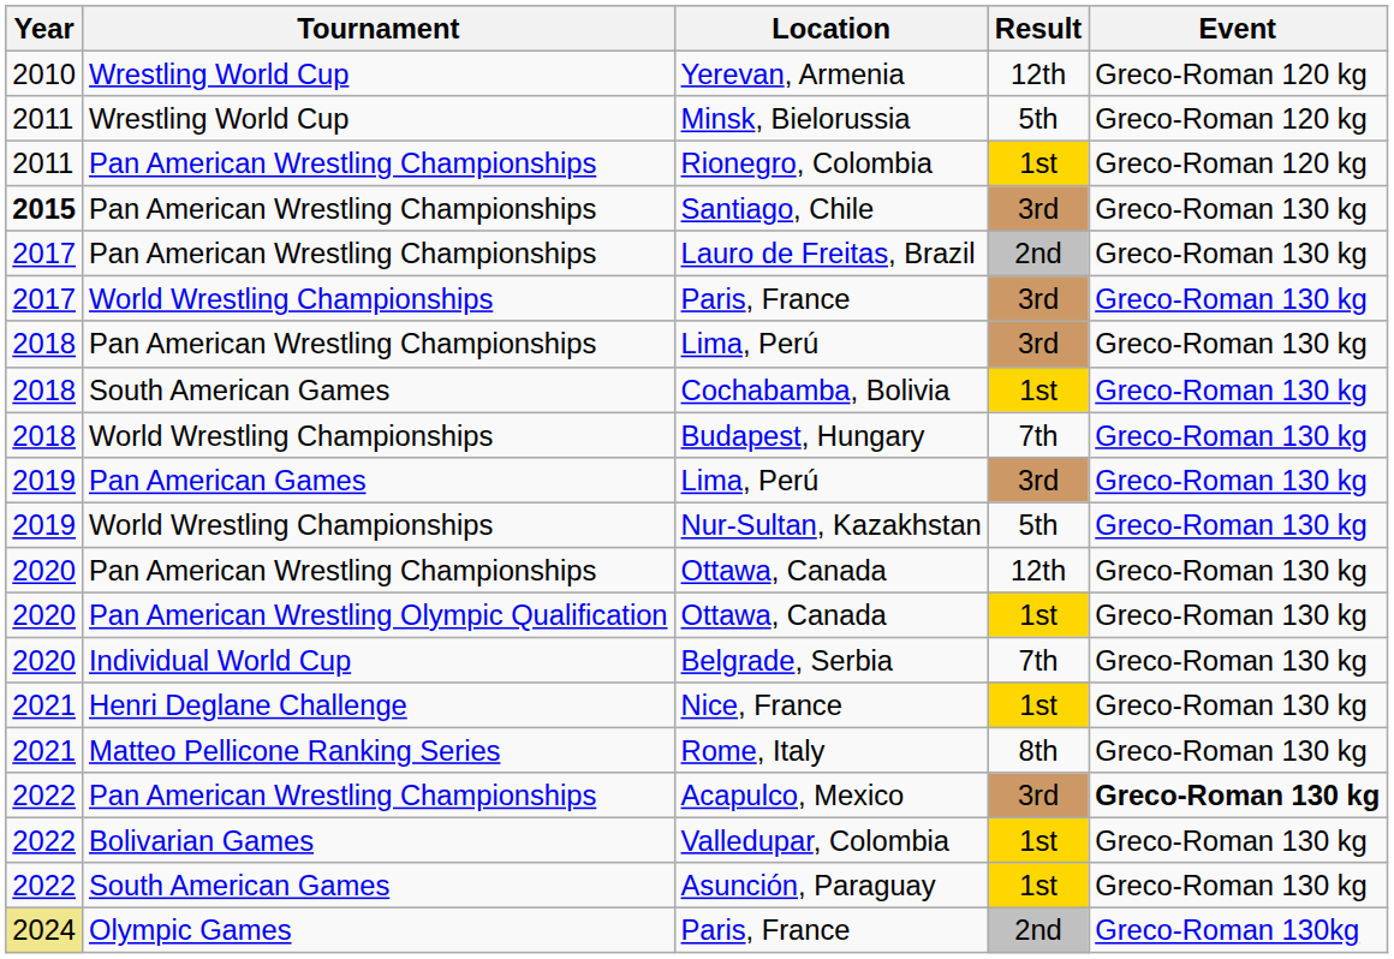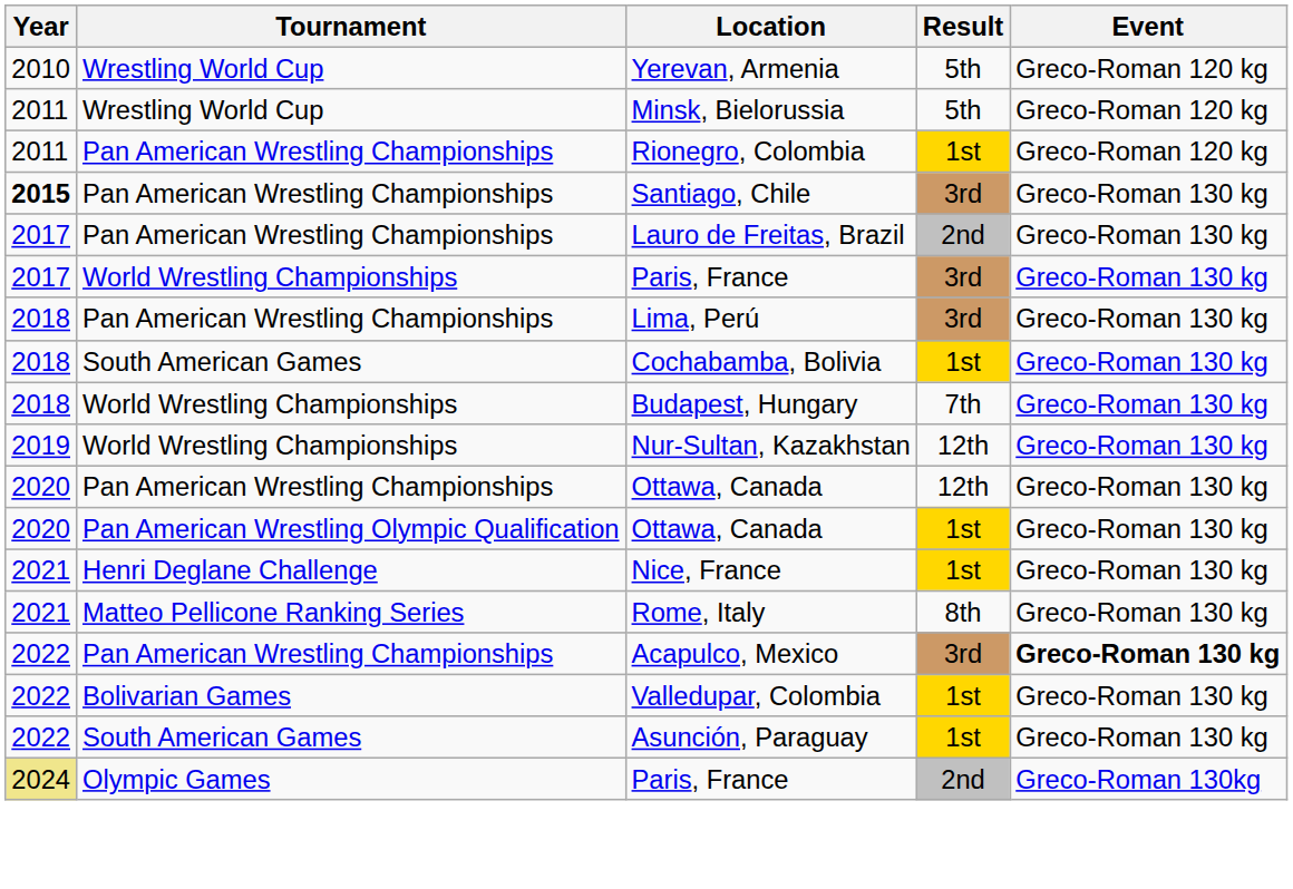 <table class="wikitable" style="font-size:95%;">
 <tr>
 <th>Year</th>
 <th>Tournament</th>
 <th>Location</th>
 <th>Result</th>
 <th>Event</th>
 </tr>
 <tr>
 <td>2010</td>
 <td><a href='#'>Wrestling World Cup</a></td>
 <td> <a href='#'>Yerevan</a>, Armenia</td>
-<td align="center">12th</td>
+<td align="center">5th</td>
 <td>Greco-Roman 120 kg</td>
 </tr>
 <tr>
 <td>2011</td>
 <td>Wrestling World Cup</td>
 <td> <a href='#'>Minsk</a>, Bielorussia</td>
 <td align="center">5th</td>
 <td>Greco-Roman 120 kg</td>
 </tr>
 <tr>
 <td>2011</td>
 <td><a href='#'>Pan American Wrestling Championships</a></td>
 <td> <a href='#'>Rionegro</a>, Colombia</td>
 <td align="center" bgcolor="#FFD700">1st</td>
 <td>Greco-Roman 120 kg</td>
 </tr>
 <tr>
 <td><strong>2015</strong></td>
 <td>Pan American Wrestling Championships</td>
 <td> <a href='#'>Santiago</a>, Chile</td>
 <td align="center" bgcolor="cc9966">3rd</td>
 <td>Greco-Roman 130 kg</td>
 </tr>
 <tr>
 <td><a href='#'>2017</a></td>
 <td>Pan American Wrestling Championships</td>
 <td> <a href='#'>Lauro de Freitas</a>, Brazil</td>
 <td align="center" bgcolor="C0C0C0">2nd</td>
 <td>Greco-Roman 130 kg</td>
 </tr>
 <tr>
 <td><a href='#'>2017</a></td>
 <td><a href='#'>World Wrestling Championships</a></td>
 <td> <a href='#'>Paris</a>, France</td>
 <td align="center" bgcolor="cc9966">3rd</td>
 <td><a href='#'>Greco-Roman 130 kg</a></td>
 </tr>
 <tr>
 <td><a href='#'>2018</a></td>
 <td>Pan American Wrestling Championships</td>
 <td> <a href='#'>Lima</a>, Perú</td>
 <td align="center" bgcolor="cc9966">3rd</td>
 <td>Greco-Roman 130 kg</td>
 </tr>
 <tr>
 <td><a href='#'>2018</a></td>
 <td>South American Games</td>
 <td> <a href='#'>Cochabamba</a>, Bolivia</td>
 <td align="center" bgcolor="gold">1st</td>
 <td><a href='#'>Greco-Roman 130 kg</a></td>
 </tr>
 <tr>
 <td><a href='#'>2018</a></td>
 <td>World Wrestling Championships</td>
 <td> <a href='#'>Budapest</a>, Hungary</td>
 <td align="center" bgcolor=>7th</td>
 <td><a href='#'>Greco-Roman 130 kg</a></td>
 </tr>
 <tr>
 <td><a href='#'>2019</a></td>
-<td><a href='#'>Pan American Games</a></td>
-<td> <a href='#'>Lima</a>, Perú</td>
-<td align="center" bgcolor="cc9966">3rd</td>
-<td><a href='#'>Greco-Roman 130 kg</a></td>
-</tr>
-<tr>
-<td><a href='#'>2019</a></td>
 <td>World Wrestling Championships</td>
 <td> <a href='#'>Nur-Sultan</a>, Kazakhstan</td>
-<td align="center">5th</td>
+<td align="center">12th</td>
 <td><a href='#'>Greco-Roman 130 kg</a></td>
 </tr>
 <tr>
 <td><a href='#'>2020</a></td>
 <td>Pan American Wrestling Championships</td>
 <td> <a href='#'>Ottawa</a>, Canada</td>
 <td align="center">12th</td>
 <td>Greco-Roman 130 kg</td>
 </tr>
 <tr>
 <td><a href='#'>2020</a></td>
 <td><a href='#'>Pan American Wrestling Olympic Qualification</a></td>
 <td> <a href='#'>Ottawa</a>, Canada</td>
 <td align="center" bgcolor="#FFD700">1st</td>
-<td>Greco-Roman 130 kg</td>
-</tr>
-<tr>
-<td><a href='#'>2020</a></td>
-<td><a href='#'>Individual World Cup</a></td>
-<td> <a href='#'>Belgrade</a>, Serbia</td>
-<td align="center" bgcolor=>7th</td>
 <td>Greco-Roman 130 kg</td>
 </tr>
 <tr>
 <td><a href='#'>2021</a></td>
 <td><a href='#'>Henri Deglane Challenge</a></td>
 <td> <a href='#'>Nice</a>, France</td>
 <td align="center" bgcolor="#FFD700">1st</td>
 <td>Greco-Roman 130 kg</td>
 </tr>
 <tr>
 <td><a href='#'>2021</a></td>
 <td><a href='#'>Matteo Pellicone Ranking Series</a></td>
 <td> <a href='#'>Rome</a>, Italy</td>
 <td align="center">8th</td>
 <td>Greco-Roman 130 kg</td>
 </tr>
 <tr>
 <td><a href='#'>2022</a></td>
 <td><a href='#'>Pan American Wrestling Championships</a></td>
 <td> <a href='#'>Acapulco</a>, Mexico</td>
 <td align="center" bgcolor="cc9966">3rd</td>
 <td><strong>Greco-Roman 130 kg</strong></td>
 </tr>
 <tr>
 <td><a href='#'>2022</a></td>
 <td><a href='#'>Bolivarian Games</a></td>
 <td> <a href='#'>Valledupar</a>, Colombia</td>
 <td align="center" bgcolor="gold">1st</td>
 <td>Greco-Roman 130 kg</td>
 </tr>
 <tr>
 <td><a href='#'>2022</a></td>
 <td><a href='#'>South American Games</a></td>
 <td> <a href='#'>Asunción</a>, Paraguay</td>
 <td align="center" bgcolor="gold">1st</td>
 <td>Greco-Roman 130 kg</td>
 </tr>
 <tr>
 <td style="background: khaki;">2024</td>
 <td><a href='#'>Olympic Games</a></td>
 <td> <a href='#'>Paris</a>, France</td>
 <td align="center" bgcolor="silver">2nd</td>
 <td><a href='#'>Greco-Roman 130kg</a></td>
 </tr>
 </table>
